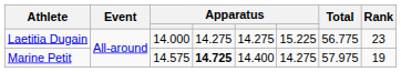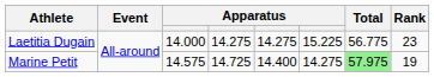 <table class="wikitable" style="font-size:90%">
 <tr>
 <th rowspan=2>Athlete</th>
 <th rowspan=2>Event</th>
 <th colspan =4>Apparatus</th>
 <th rowspan=2>Total</th>
 <th rowspan=2>Rank</th>
 </tr>
 <tr style="font-size:95%">
 <th></th>
 <th></th>
 <th></th>
 <th></th>
 </tr>
 <tr align=center>
 <td align=left><a href='#'>Laetitia Dugain</a></td>
 <td align=left rowspan=2><a href='#'>All-around</a></td>
 <td>14.000</td>
 <td>14.275</td>
 <td>14.275</td>
 <td>15.225</td>
 <td>56.775</td>
 <td>23</td>
 </tr>
 <tr align=center>
 <td align=left><a href='#'>Marine Petit</a></td>
 <td>14.575</td>
-<td><strong>14.725</strong></td>
+<td>14.725</td>
 <td>14.400</td>
 <td>14.275</td>
-<td>57.975</td>
+<td style="background: lightgreen;">57.975</td>
 <td>19</td>
 </tr>
 </table>
